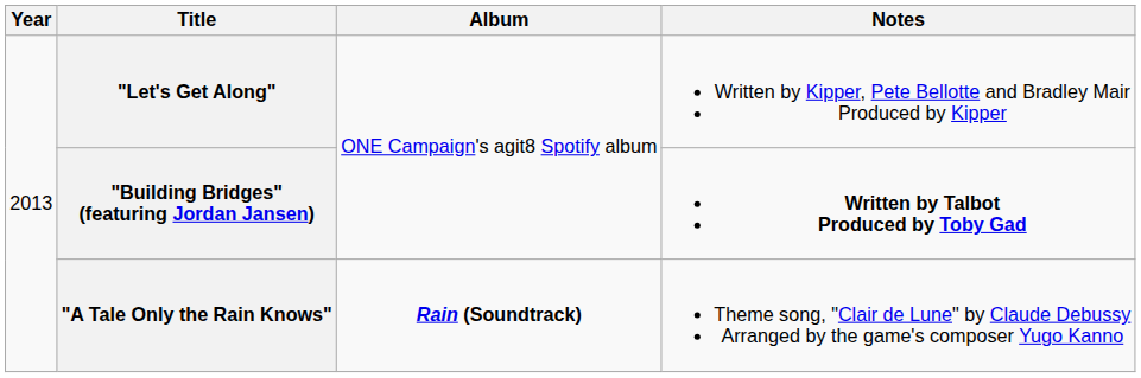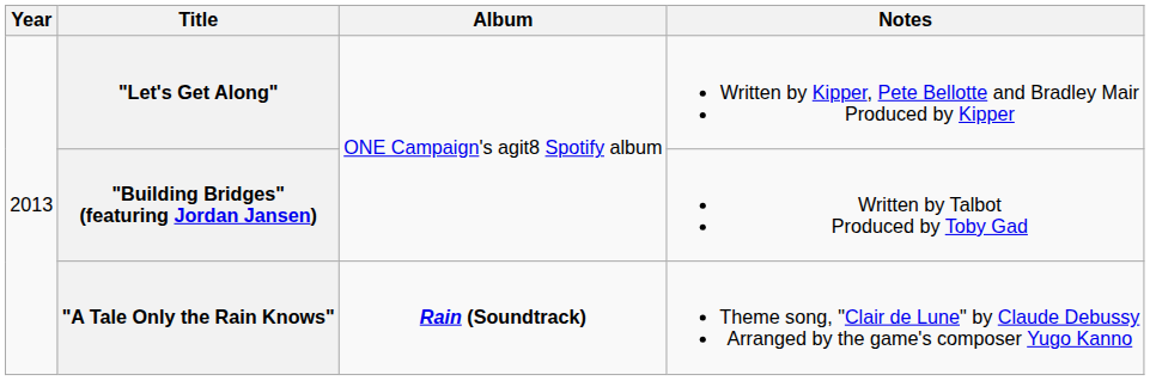 <table class="wikitable plainrowheaders" style="text-align:center;">
 <tr>
 <th scope="col" style="width:1em;">Year</th>
 <th scope="col">Title</th>
 <th scope="col">Album</th>
 <th scope="col">Notes</th>
 </tr>
 <tr>
 <td rowspan="3">2013</td>
 <th scope="row">"Let's Get Along"</th>
 <td rowspan="2"><a href='#'>ONE Campaign</a>'s agit8 <a href='#'>Spotify</a> album</td>
 <td><br><ul><li>Written by <a href='#'>Kipper</a>, <a href='#'>Pete Bellotte</a> and Bradley Mair</li><li>Produced by <a href='#'>Kipper</a></li></ul></td>
 </tr>
 <tr>
 <th scope="row">"Building Bridges"<br><span>(featuring <a href='#'>Jordan Jansen</a>)</span></th>
-<td><strong><br><ul><li>Written by Talbot</li><li>Produced by <a href='#'>Toby Gad</a></li></ul></strong></td>
+<td><br><ul><li>Written by Talbot</li><li>Produced by <a href='#'>Toby Gad</a></li></ul></td>
 </tr>
 <tr>
 <th scope="row">"A Tale Only the Rain Knows"</th>
 <td><strong><em><a href='#'>Rain</a></em> (Soundtrack)</strong></td>
 <td><br><ul><li>Theme song, "<a href='#'>Clair de Lune</a>" by <a href='#'>Claude Debussy</a></li><li>Arranged by the game's composer <a href='#'>Yugo Kanno</a></li></ul></td>
 </tr>
 </table>
